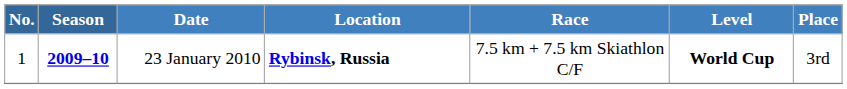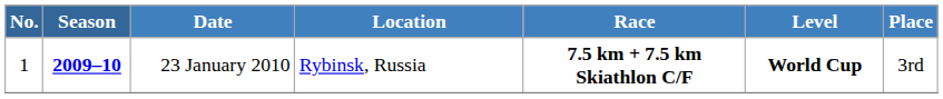 <table class="wikitable sortable" style="font-size:95%; text-align:center; border:grey solid 1px; border-collapse:collapse; background:#ffffff;">
 <tr style="background:#efefef;">
 <th style="background-color:#369; color:white;">No.</th>
 <th style="background-color:#369; color:white;">Season</th>
 <th style="background-color:#4180be; color:white; width:120px;">Date</th>
 <th style="background-color:#4180be; color:white; width:170px;">Location</th>
 <th style="background-color:#4180be; color:white; width:165px;">Race</th>
 <th style="background-color:#4180be; color:white; width:100px;">Level</th>
 <th style="background-color:#4180be; color:white;">Place</th>
 </tr>
 <tr>
 <td align=center>1</td>
 <td rowspan=1 align=center><strong> <a href='#'>2009–10</a> </strong></td>
 <td align=right>23 January 2010</td>
-<td align=left><strong> <a href='#'>Rybinsk</a>, Russia</strong></td>
-<td>7.5 km + 7.5 km Skiathlon C/F</td>
+<td align=left> <a href='#'>Rybinsk</a>, Russia</td>
+<td><strong>7.5 km + 7.5 km Skiathlon C/F</strong></td>
 <td><strong>World Cup</strong></td>
 <td>3rd</td>
 </tr>
 <tr>
 </tr>
 </table>
